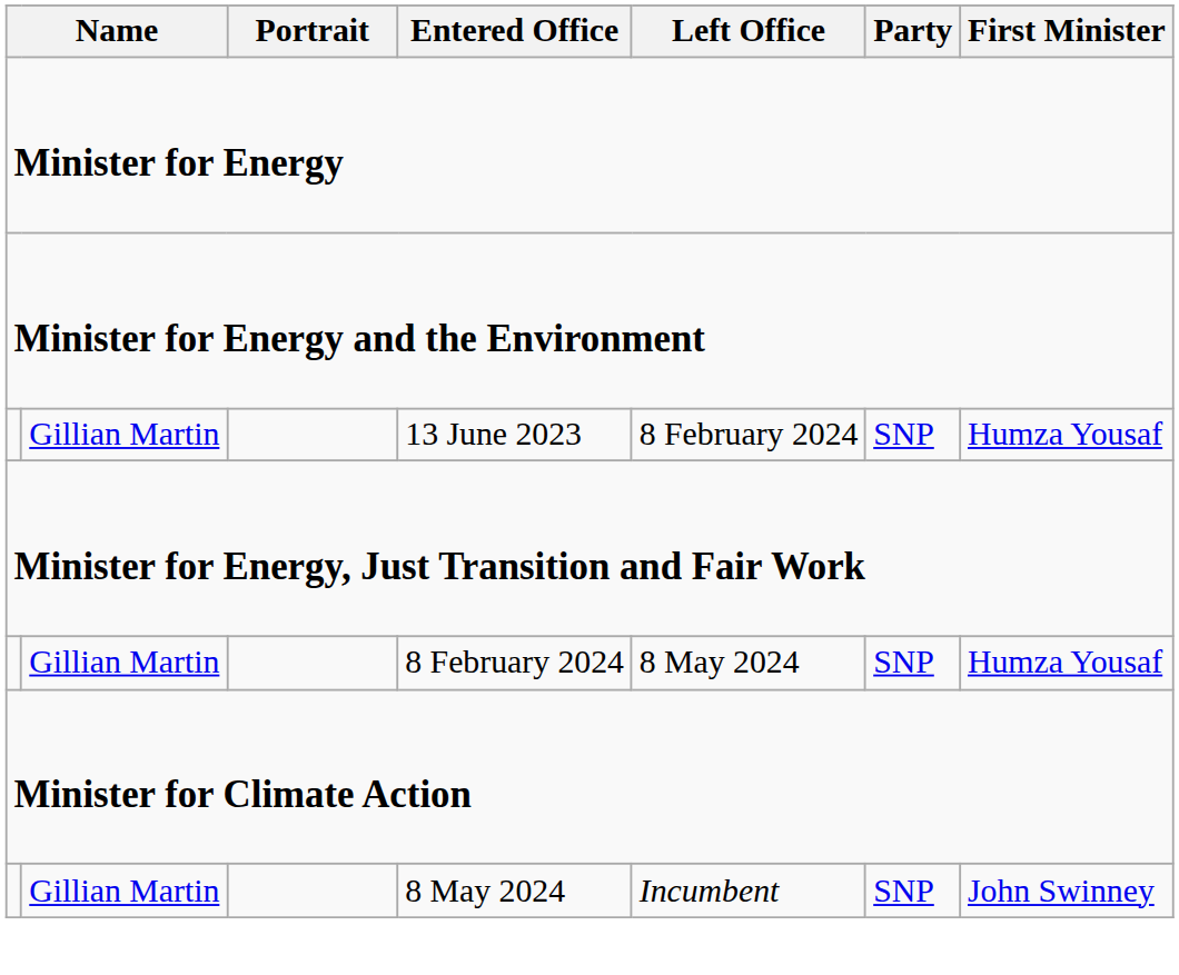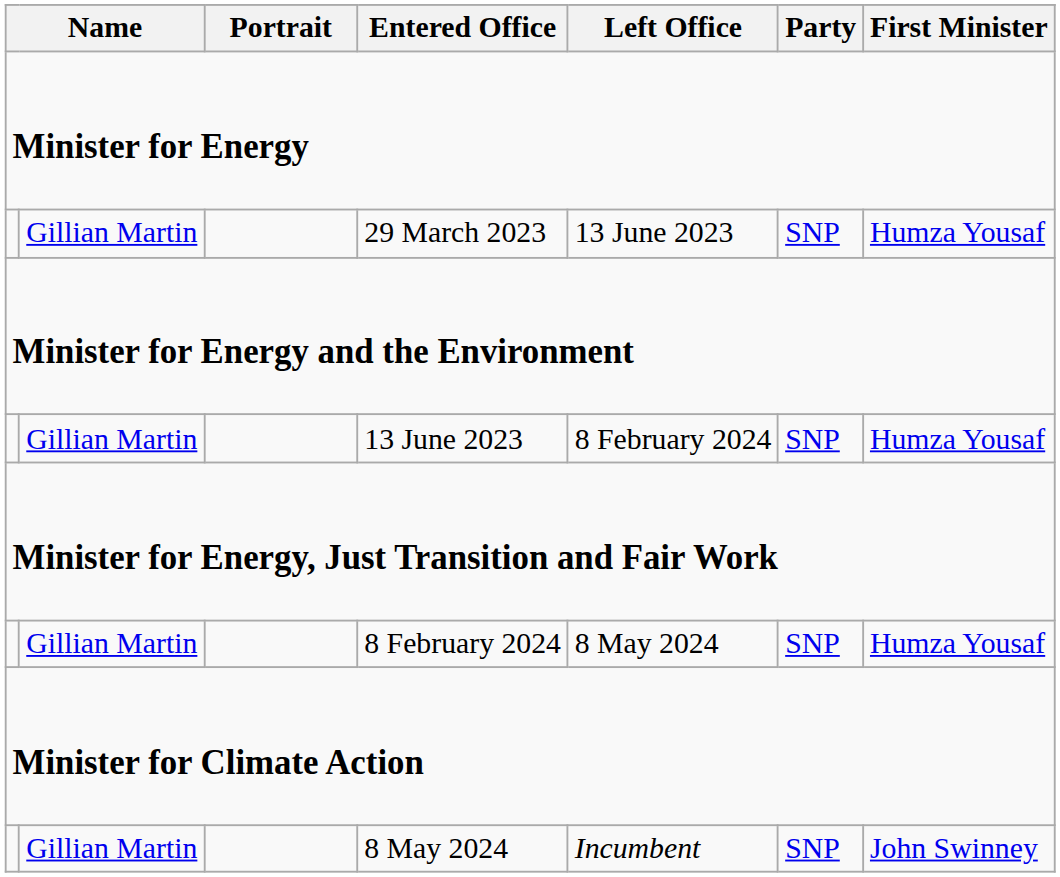 <table class="wikitable" style="margin: 0 0 0 1em; background: #f9f9f9; border: 1px #aaaaaa solid; border-collapse: collapse; ">
 <tr>
 <th colspan="2">Name</th>
 <th width=75>Portrait</th>
 <th>Entered Office</th>
 <th>Left Office</th>
 <th>Party</th>
 <th>First Minister</th>
 </tr>
 <tr>
 <td colspan="7"><br><h3>Minister for Energy</h3></td>
+</tr>
+<tr>
+<td></td>
+<td><a href='#'>Gillian Martin</a></td>
+<td></td>
+<td>29 March 2023</td>
+<td>13 June 2023</td>
+<td><a href='#'>SNP</a></td>
+<td><a href='#'>Humza Yousaf</a></td>
 </tr>
 <tr>
 <td colspan="7"><br><h3>Minister for Energy and the Environment</h3></td>
 </tr>
 <tr>
 <td></td>
 <td><a href='#'>Gillian Martin</a></td>
 <td></td>
 <td>13 June 2023</td>
 <td>8 February 2024</td>
 <td><a href='#'>SNP</a></td>
 <td><a href='#'>Humza Yousaf</a></td>
 </tr>
 <tr>
 <td colspan="7"><br><h3>Minister for Energy, Just Transition and Fair Work</h3></td>
 </tr>
 <tr>
 <td></td>
 <td><a href='#'>Gillian Martin</a></td>
 <td></td>
 <td>8 February 2024</td>
 <td>8 May 2024</td>
 <td><a href='#'>SNP</a></td>
 <td><a href='#'>Humza Yousaf</a></td>
 </tr>
 <tr>
 <td colspan="7"><br><h3>Minister for Climate Action</h3></td>
 </tr>
 <tr>
 <td></td>
 <td><a href='#'>Gillian Martin</a></td>
 <td></td>
 <td>8 May 2024</td>
 <td><em>Incumbent</em></td>
 <td><a href='#'>SNP</a></td>
 <td><a href='#'>John Swinney</a></td>
 </tr>
 </table>
